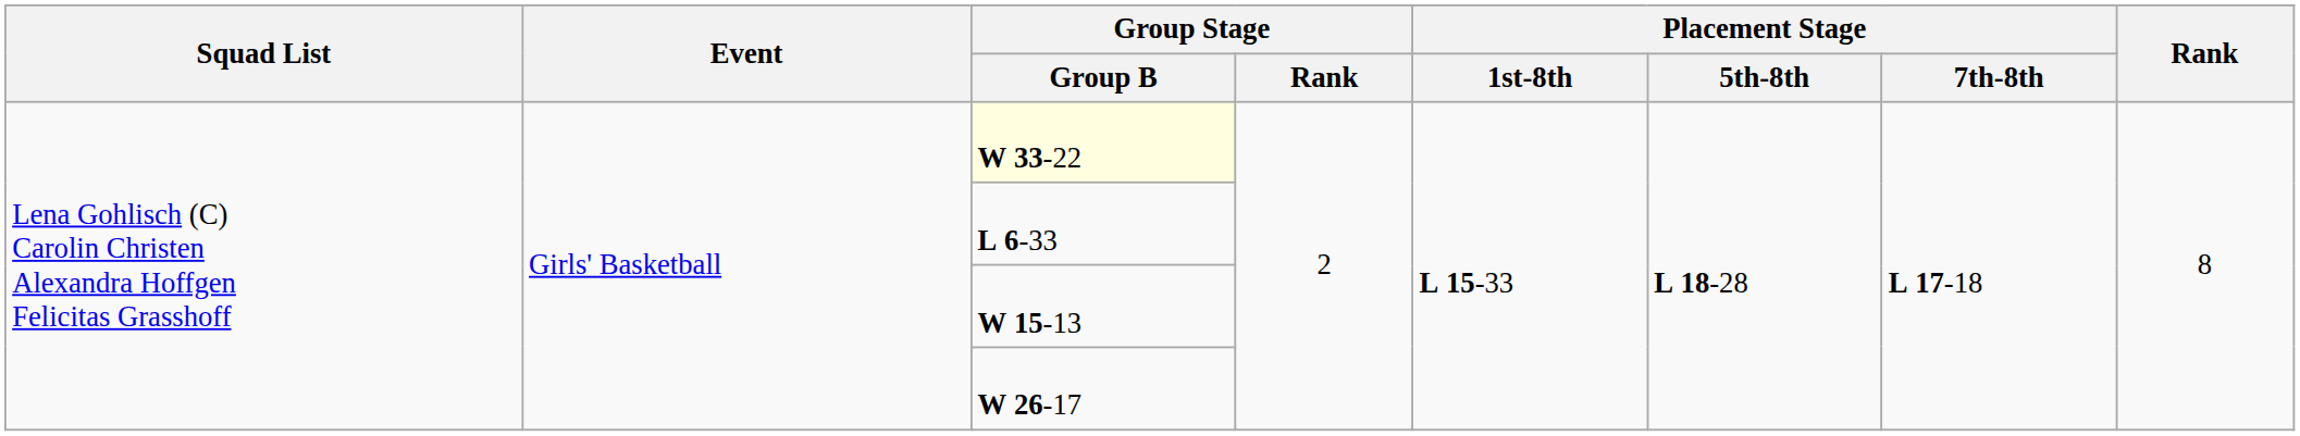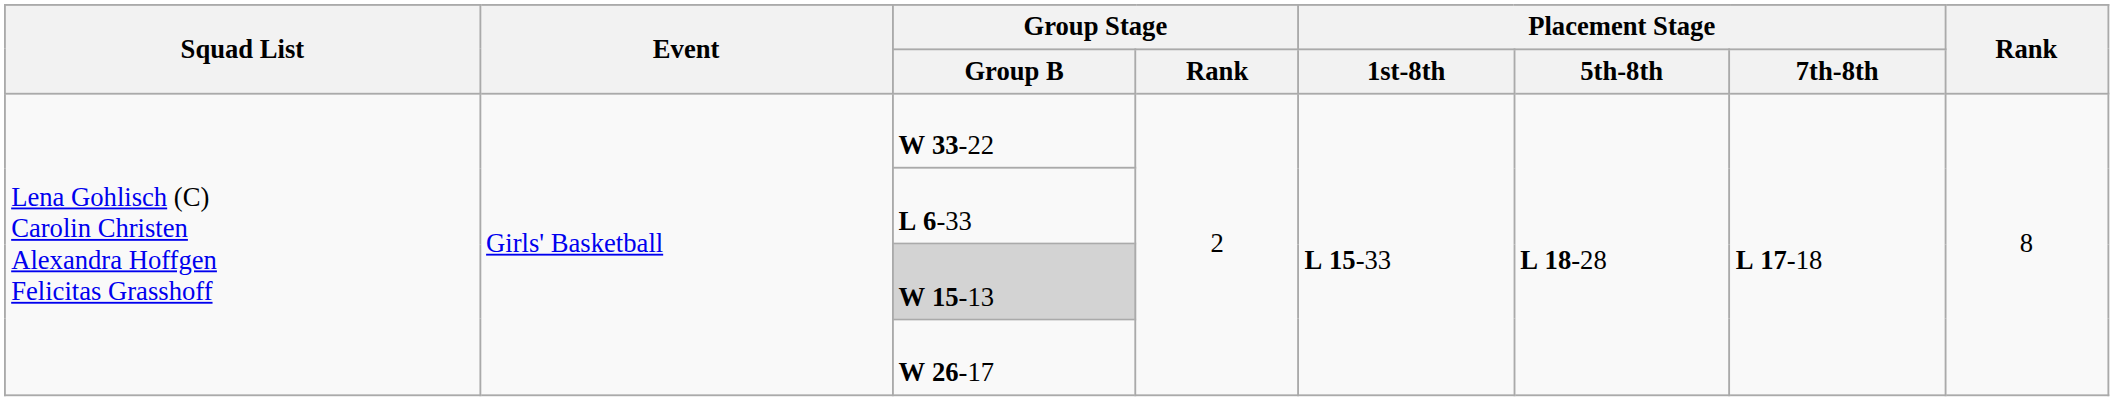 <table class="wikitable" width="90%" style="text-align:left; font-size:90%">
 <tr>
 <th rowspan="2">Squad List</th>
 <th rowspan="2">Event</th>
 <th colspan="2">Group Stage</th>
 <th colspan="3">Placement Stage</th>
 <th rowspan="2">Rank</th>
 </tr>
 <tr>
 <th>Group B</th>
 <th>Rank</th>
 <th>1st-8th</th>
 <th>5th-8th</th>
 <th>7th-8th</th>
 </tr>
 <tr>
 <td rowspan="4"><a href='#'>Lena Gohlisch</a> (C)<br><a href='#'>Carolin Christen</a><br><a href='#'>Alexandra Hoffgen</a><br><a href='#'>Felicitas Grasshoff</a></td>
 <td rowspan="4"><a href='#'>Girls' Basketball</a></td>
-<td style="background: lightyellow;"><br> <strong>W</strong> <strong>33</strong>-22</td>
+<td><br> <strong>W</strong> <strong>33</strong>-22</td>
 <td rowspan="4" align=center>2</td>
 <td rowspan="4"> <br> <strong>L</strong> <strong>15</strong>-33</td>
 <td rowspan="4"> <br> <strong>L</strong> <strong>18</strong>-28</td>
 <td rowspan="4"> <br> <strong>L</strong> <strong>17</strong>-18</td>
 <td rowspan="4" align="center">8</td>
 </tr>
 <tr>
 <td><br> <strong>L</strong> <strong>6</strong>-33</td>
 </tr>
 <tr>
-<td><br> <strong>W</strong> <strong>15</strong>-13</td>
+<td style="background: lightgrey;"><br> <strong>W</strong> <strong>15</strong>-13</td>
 </tr>
 <tr>
 <td><br> <strong>W</strong> <strong>26</strong>-17</td>
 </tr>
 </table>
